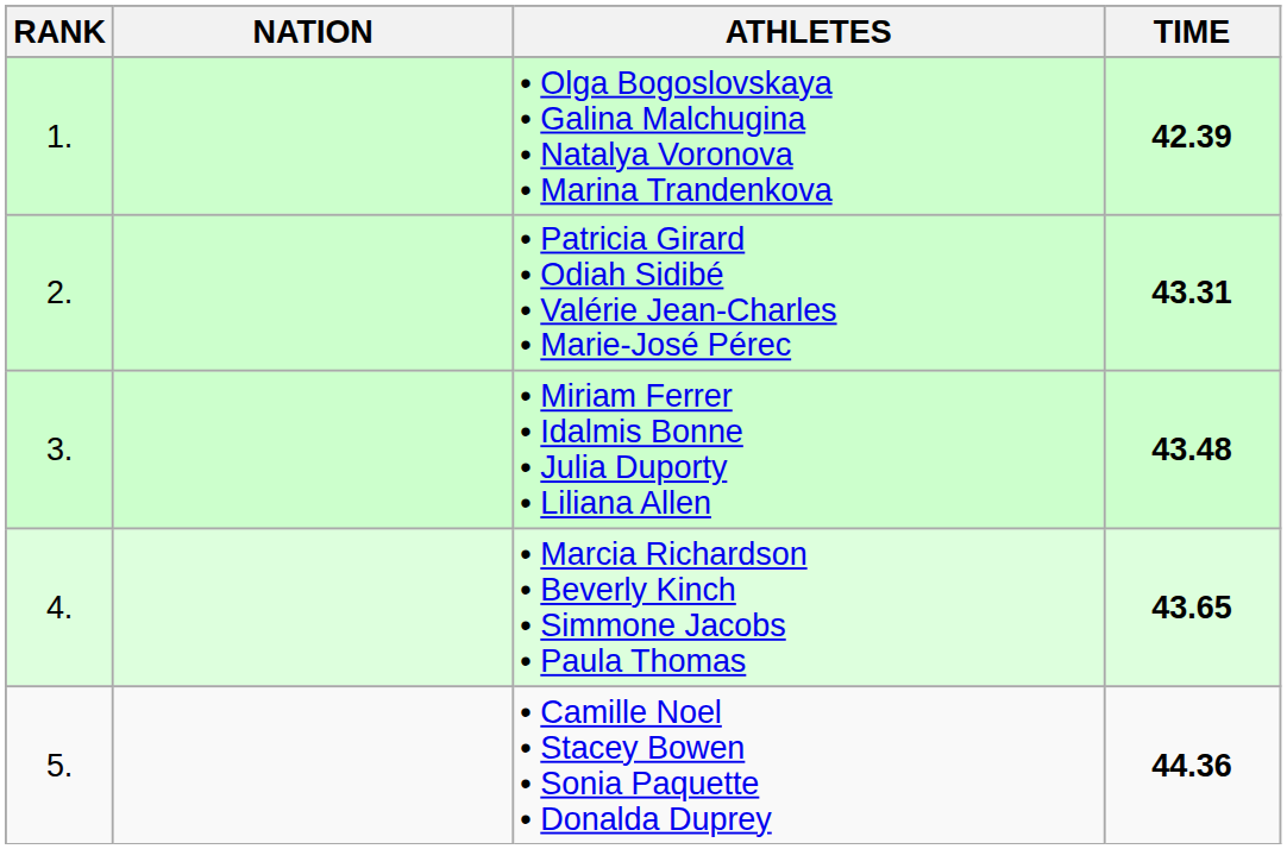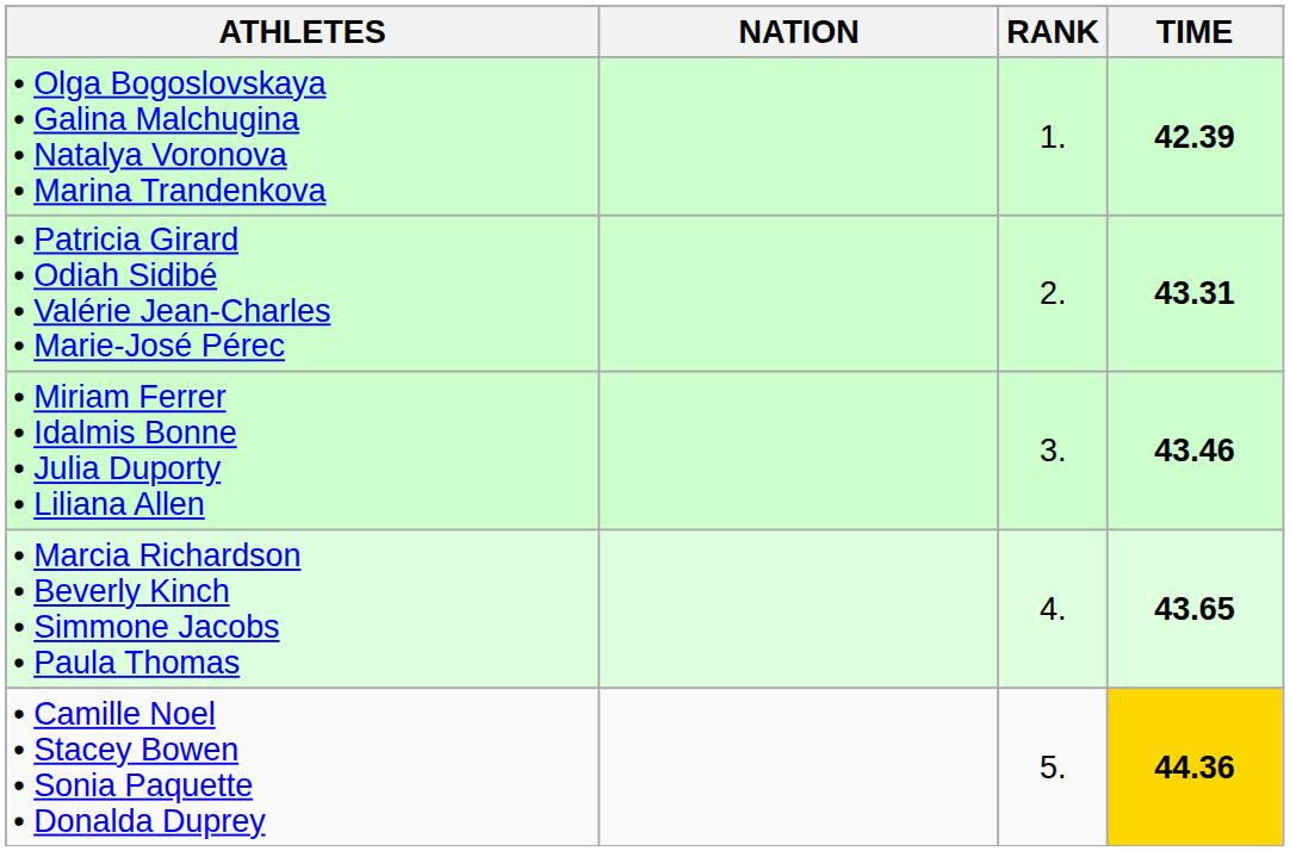 <table class="wikitable" style="border-collapse: collapse; font-size: 90%;">
 <tr>
+<th style="width: 18em">ATHLETES</th>
+<th style="width: 12em">NATION</th>
 <th>RANK</th>
-<th style="width: 12em">NATION</th>
-<th style="width: 18em">ATHLETES</th>
 <th style="width: 5em">TIME</th>
 </tr>
 <tr style="background:#ccffcc;">
+<td>• <a href='#'>Olga Bogoslovskaya</a><br>• <a href='#'>Galina Malchugina</a><br>• <a href='#'>Natalya Voronova</a><br>• <a href='#'>Marina Trandenkova</a></td>
+<td align="center"></td>
 <td align="center">1.</td>
-<td align="center"></td>
-<td>• <a href='#'>Olga Bogoslovskaya</a><br>• <a href='#'>Galina Malchugina</a><br>• <a href='#'>Natalya Voronova</a><br>• <a href='#'>Marina Trandenkova</a></td>
 <td align="center"><strong>42.39</strong></td>
 </tr>
 <tr style="background:#ccffcc;">
+<td>• <a href='#'>Patricia Girard</a><br>• <a href='#'>Odiah Sidibé</a><br>• <a href='#'>Valérie Jean-Charles</a><br>• <a href='#'>Marie-José Pérec</a></td>
+<td align="center"></td>
 <td align="center">2.</td>
-<td align="center"></td>
-<td>• <a href='#'>Patricia Girard</a><br>• <a href='#'>Odiah Sidibé</a><br>• <a href='#'>Valérie Jean-Charles</a><br>• <a href='#'>Marie-José Pérec</a></td>
 <td align="center"><strong>43.31</strong></td>
 </tr>
 <tr style="background:#ccffcc;">
+<td>• <a href='#'>Miriam Ferrer</a><br>• <a href='#'>Idalmis Bonne</a><br>• <a href='#'>Julia Duporty</a><br>• <a href='#'>Liliana Allen</a></td>
+<td align="center"></td>
 <td align="center">3.</td>
-<td align="center"></td>
-<td>• <a href='#'>Miriam Ferrer</a><br>• <a href='#'>Idalmis Bonne</a><br>• <a href='#'>Julia Duporty</a><br>• <a href='#'>Liliana Allen</a></td>
-<td align="center"><strong>43.48</strong></td>
+<td align="center"><strong>43.46</strong></td>
 </tr>
 <tr style="background:#ddffdd;">
+<td>• <a href='#'>Marcia Richardson</a><br>• <a href='#'>Beverly Kinch</a><br>• <a href='#'>Simmone Jacobs</a><br>• <a href='#'>Paula Thomas</a></td>
+<td align="center"></td>
 <td align="center">4.</td>
-<td align="center"></td>
-<td>• <a href='#'>Marcia Richardson</a><br>• <a href='#'>Beverly Kinch</a><br>• <a href='#'>Simmone Jacobs</a><br>• <a href='#'>Paula Thomas</a></td>
 <td align="center"><strong>43.65</strong></td>
 </tr>
 <tr>
+<td>• <a href='#'>Camille Noel</a><br>• <a href='#'>Stacey Bowen</a><br>• <a href='#'>Sonia Paquette</a><br>• <a href='#'>Donalda Duprey</a></td>
+<td align="center"></td>
 <td align="center">5.</td>
-<td align="center"></td>
-<td>• <a href='#'>Camille Noel</a><br>• <a href='#'>Stacey Bowen</a><br>• <a href='#'>Sonia Paquette</a><br>• <a href='#'>Donalda Duprey</a></td>
-<td align="center"><strong>44.36</strong></td>
+<td align="center" style="background: gold;"><strong>44.36</strong></td>
 </tr>
 </table>
